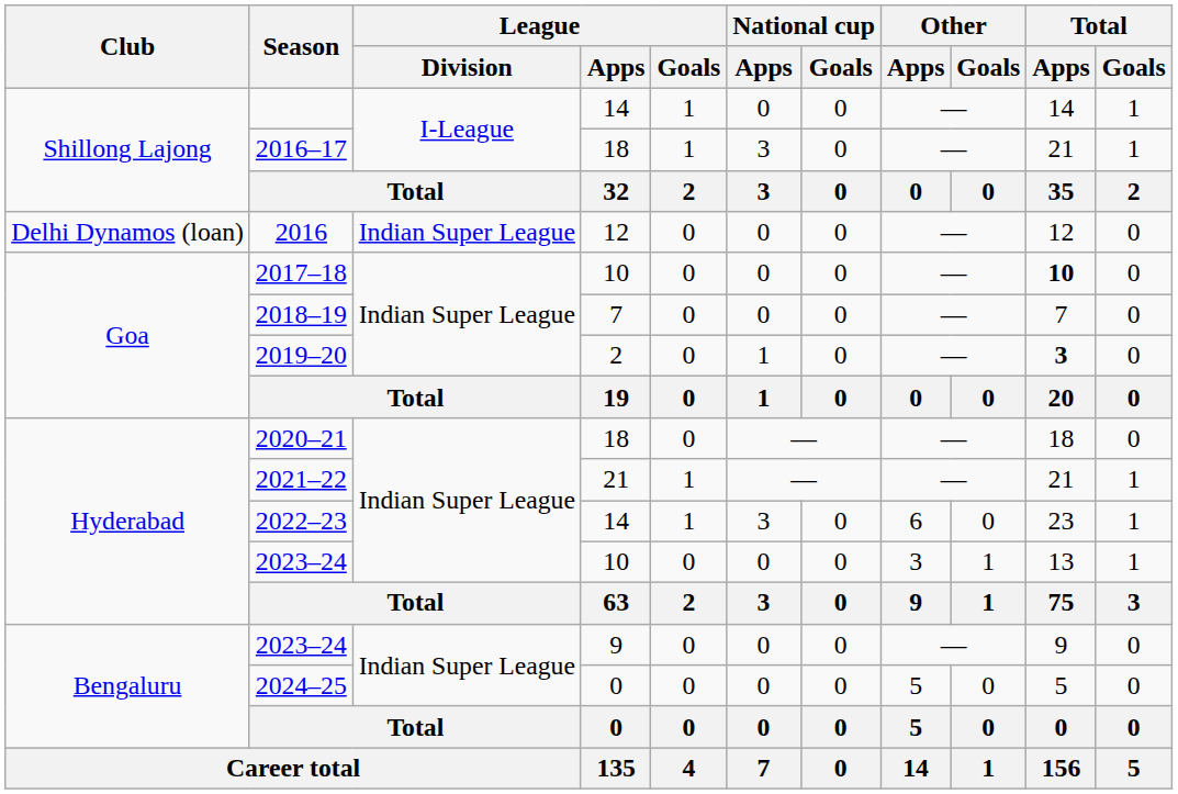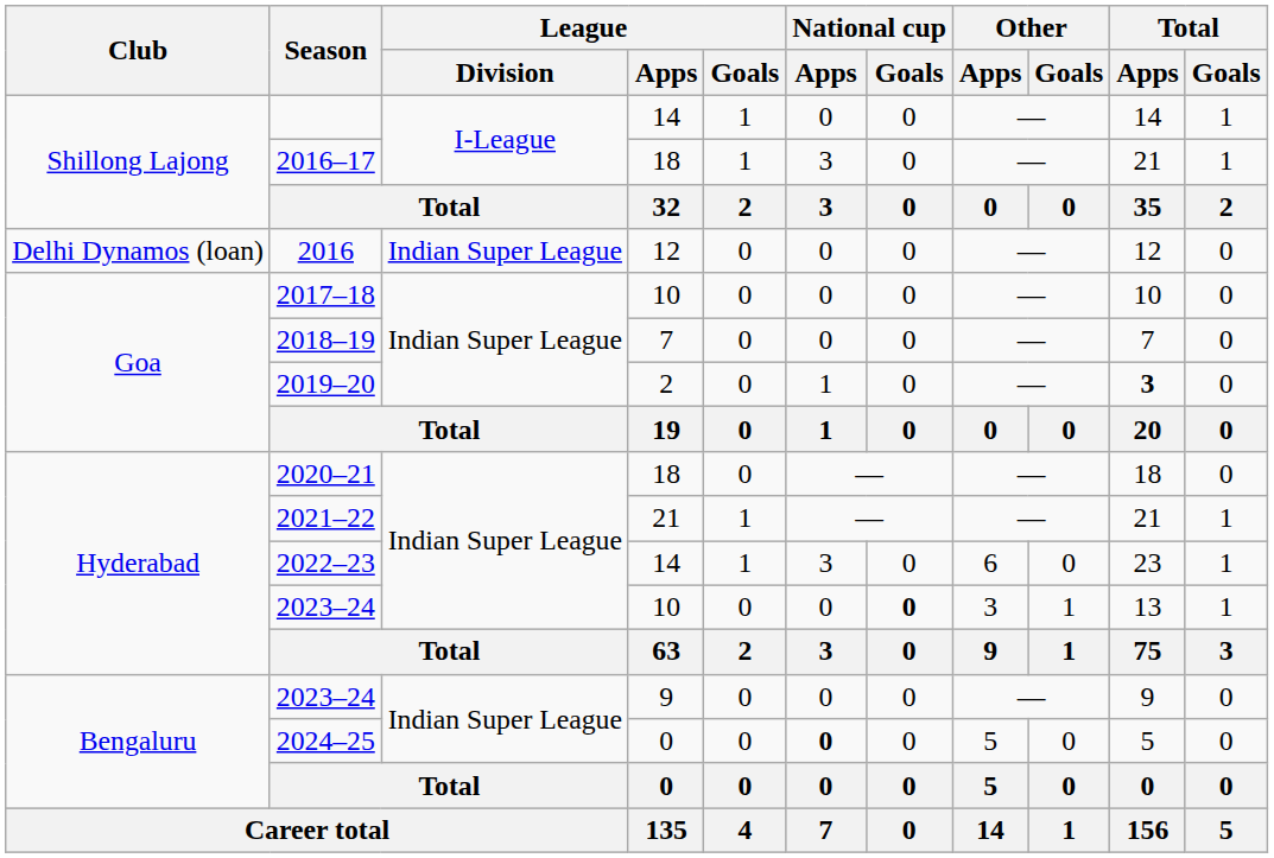 <table class="wikitable" style="font-size; text-align:center;">
 <tr>
 <th rowspan="2">Club</th>
 <th rowspan="2">Season</th>
 <th colspan="3">League</th>
 <th colspan="2">National cup</th>
 <th colspan="2">Other</th>
 <th colspan="2">Total</th>
 </tr>
 <tr>
 <th>Division</th>
 <th>Apps</th>
 <th>Goals</th>
 <th>Apps</th>
 <th>Goals</th>
 <th>Apps</th>
 <th>Goals</th>
 <th>Apps</th>
 <th>Goals</th>
 </tr>
 <tr>
 <td rowspan="3"><a href='#'>Shillong Lajong</a></td>
 <td></td>
 <td rowspan="2"><a href='#'>I-League</a></td>
 <td>14</td>
 <td>1</td>
 <td>0</td>
 <td>0</td>
 <td colspan="2">—</td>
 <td>14</td>
 <td>1</td>
 </tr>
 <tr>
 <td><a href='#'>2016–17</a></td>
 <td>18</td>
 <td>1</td>
 <td>3</td>
 <td>0</td>
 <td colspan="2">—</td>
 <td>21</td>
 <td>1</td>
 </tr>
 <tr>
 <th colspan="2">Total</th>
 <th>32</th>
 <th>2</th>
 <th>3</th>
 <th>0</th>
 <th>0</th>
 <th>0</th>
 <th>35</th>
 <th>2</th>
 </tr>
 <tr>
 <td rowspan="1"><a href='#'>Delhi Dynamos</a> (loan)</td>
 <td><a href='#'>2016</a></td>
 <td><a href='#'>Indian Super League</a></td>
 <td>12</td>
 <td>0</td>
 <td>0</td>
 <td>0</td>
 <td colspan="2">—</td>
 <td>12</td>
 <td>0</td>
 </tr>
 <tr>
 <td rowspan="4"><a href='#'>Goa</a></td>
 <td><a href='#'>2017–18</a></td>
 <td rowspan=3>Indian Super League</td>
 <td>10</td>
 <td>0</td>
 <td>0</td>
 <td>0</td>
 <td colspan="2">—</td>
-<td><strong>10</strong></td>
+<td>10</td>
 <td>0</td>
 </tr>
 <tr>
 <td><a href='#'>2018–19</a></td>
 <td>7</td>
 <td>0</td>
 <td>0</td>
 <td>0</td>
 <td colspan="2">—</td>
 <td>7</td>
 <td>0</td>
 </tr>
 <tr>
 <td><a href='#'>2019–20</a></td>
 <td>2</td>
 <td>0</td>
 <td>1</td>
 <td>0</td>
 <td colspan="2">—</td>
 <td><strong>3</strong></td>
 <td>0</td>
 </tr>
 <tr>
 <th colspan="2">Total</th>
 <th>19</th>
 <th>0</th>
 <th>1</th>
 <th>0</th>
 <th>0</th>
 <th>0</th>
 <th>20</th>
 <th>0</th>
 </tr>
 <tr>
 <td rowspan="5"><a href='#'>Hyderabad</a></td>
 <td><a href='#'>2020–21</a></td>
 <td rowspan="4">Indian Super League</td>
 <td>18</td>
 <td>0</td>
 <td colspan="2">—</td>
 <td colspan="2">—</td>
 <td>18</td>
 <td>0</td>
 </tr>
 <tr>
 <td><a href='#'>2021–22</a></td>
 <td>21</td>
 <td>1</td>
 <td colspan="2">—</td>
 <td colspan="2">—</td>
 <td>21</td>
 <td>1</td>
 </tr>
 <tr>
 <td><a href='#'>2022–23</a></td>
 <td>14</td>
 <td>1</td>
 <td>3</td>
 <td>0</td>
 <td>6</td>
 <td>0</td>
 <td>23</td>
 <td>1</td>
 </tr>
 <tr>
 <td><a href='#'>2023–24</a></td>
 <td>10</td>
 <td>0</td>
 <td>0</td>
-<td>0</td>
+<td><strong>0</strong></td>
 <td>3</td>
 <td>1</td>
 <td>13</td>
 <td>1</td>
 </tr>
 <tr>
 <th colspan="2">Total</th>
 <th>63</th>
 <th>2</th>
 <th>3</th>
 <th>0</th>
 <th>9</th>
 <th>1</th>
 <th>75</th>
 <th>3</th>
 </tr>
 <tr>
 <td rowspan="3"><a href='#'>Bengaluru</a></td>
 <td><a href='#'>2023–24</a></td>
 <td rowspan="2">Indian Super League</td>
 <td>9</td>
 <td>0</td>
 <td>0</td>
 <td>0</td>
 <td colspan="2">—</td>
 <td>9</td>
 <td>0</td>
 </tr>
 <tr>
 <td><a href='#'>2024–25</a></td>
 <td>0</td>
 <td>0</td>
-<td>0</td>
+<td><strong>0</strong></td>
 <td>0</td>
 <td>5</td>
 <td>0</td>
 <td>5</td>
 <td>0</td>
 </tr>
 <tr>
 <th colspan="2">Total</th>
 <th>0</th>
 <th>0</th>
 <th>0</th>
 <th>0</th>
 <th>5</th>
 <th>0</th>
 <th>0</th>
 <th>0</th>
 </tr>
 <tr>
 <th colspan="3">Career total</th>
 <th>135</th>
 <th>4</th>
 <th>7</th>
 <th>0</th>
 <th>14</th>
 <th>1</th>
 <th>156</th>
 <th>5</th>
 </tr>
 </table>
